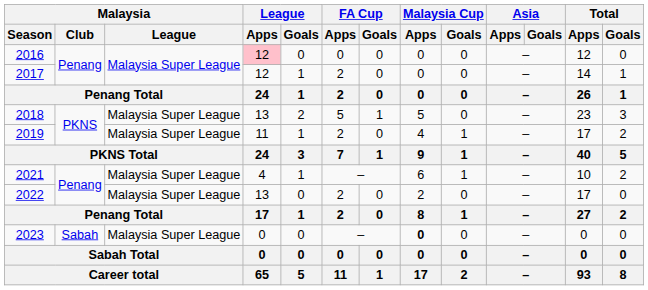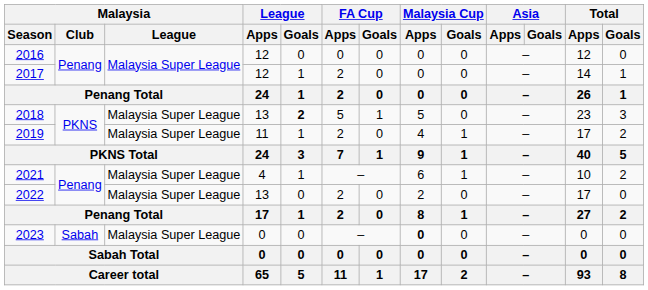 <table class="wikitable" style="text-align:center">
 <tr>
 <th colspan=3>Malaysia</th>
 <th colspan=2><a href='#'>League</a></th>
 <th colspan=2><a href='#'>FA Cup</a></th>
 <th colspan=2><a href='#'>Malaysia Cup</a></th>
 <th colspan=2><a href='#'>Asia</a></th>
 <th colspan=2>Total</th>
 </tr>
 <tr>
 <th>Season</th>
 <th>Club</th>
 <th>League</th>
 <th>Apps</th>
 <th>Goals</th>
 <th>Apps</th>
 <th>Goals</th>
 <th>Apps</th>
 <th>Goals</th>
 <th>Apps</th>
 <th>Goals</th>
 <th>Apps</th>
 <th>Goals</th>
 </tr>
 <tr>
 <td><a href='#'>2016</a></td>
 <td rowspan="2"><a href='#'>Penang</a></td>
 <td rowspan="2"><a href='#'>Malaysia Super League</a></td>
-<td style="background: pink;">12</td>
+<td>12</td>
 <td>0</td>
 <td>0</td>
 <td>0</td>
 <td>0</td>
 <td>0</td>
 <td colspan="2">–</td>
 <td>12</td>
 <td>0</td>
 </tr>
 <tr>
 <td><a href='#'>2017</a></td>
 <td>12</td>
 <td>1</td>
 <td>2</td>
 <td>0</td>
 <td>0</td>
 <td>0</td>
 <td colspan="2">–</td>
 <td>14</td>
 <td>1</td>
 </tr>
 <tr>
 <th colspan=3>Penang Total</th>
 <th>24</th>
 <th>1</th>
 <th>2</th>
 <th>0</th>
 <th>0</th>
 <th>0</th>
 <th colspan="2">–</th>
 <th>26</th>
 <th>1</th>
 </tr>
 <tr>
 <td><a href='#'>2018</a></td>
 <td rowspan="2"><a href='#'>PKNS</a></td>
 <td>Malaysia Super League</td>
 <td>13</td>
-<td>2</td>
+<td><strong>2</strong></td>
 <td>5</td>
 <td>1</td>
 <td>5</td>
 <td>0</td>
 <td colspan="2">–</td>
 <td>23</td>
 <td>3</td>
 </tr>
 <tr>
 <td><a href='#'>2019</a></td>
 <td rowspan="1">Malaysia Super League</td>
 <td>11</td>
 <td>1</td>
 <td>2</td>
 <td>0</td>
 <td>4</td>
 <td>1</td>
 <td colspan="2">–</td>
 <td>17</td>
 <td>2</td>
 </tr>
 <tr>
 <th colspan=3>PKNS Total</th>
 <th>24</th>
 <th>3</th>
 <th>7</th>
 <th>1</th>
 <th>9</th>
 <th>1</th>
 <th colspan="2">–</th>
 <th>40</th>
 <th>5</th>
 </tr>
 <tr>
 <td><a href='#'>2021</a></td>
 <td rowspan="2"><a href='#'>Penang</a></td>
 <td>Malaysia Super League</td>
 <td>4</td>
 <td>1</td>
 <td colspan="2">–</td>
 <td>6</td>
 <td>1</td>
 <td colspan="2">–</td>
 <td>10</td>
 <td>2</td>
 </tr>
 <tr>
 <td><a href='#'>2022</a></td>
 <td rowspan="1">Malaysia Super League</td>
 <td>13</td>
 <td>0</td>
 <td>2</td>
 <td>0</td>
 <td>2</td>
 <td>0</td>
 <td colspan="2">–</td>
 <td>17</td>
 <td>0</td>
 </tr>
 <tr>
 <th colspan=3>Penang Total</th>
 <th>17</th>
 <th>1</th>
 <th>2</th>
 <th>0</th>
 <th>8</th>
 <th>1</th>
 <th colspan="2">–</th>
 <th>27</th>
 <th>2</th>
 </tr>
 <tr>
 <td><a href='#'>2023</a></td>
 <td rowspan="1"><a href='#'>Sabah</a></td>
 <td>Malaysia Super League</td>
 <td>0</td>
 <td>0</td>
 <td colspan="2">–</td>
 <td><strong>0</strong></td>
 <td>0</td>
 <td colspan="2">–</td>
 <td>0</td>
 <td>0</td>
 </tr>
 <tr>
 <th colspan=3>Sabah Total</th>
 <th>0</th>
 <th>0</th>
 <th>0</th>
 <th>0</th>
 <th>0</th>
 <th>0</th>
 <th colspan="2">–</th>
 <th>0</th>
 <th>0</th>
 </tr>
 <tr>
 <th colspan=3>Career total</th>
 <th>65</th>
 <th>5</th>
 <th>11</th>
 <th>1</th>
 <th>17</th>
 <th>2</th>
 <th colspan="2">–</th>
 <th>93</th>
 <th>8</th>
 </tr>
 </table>
